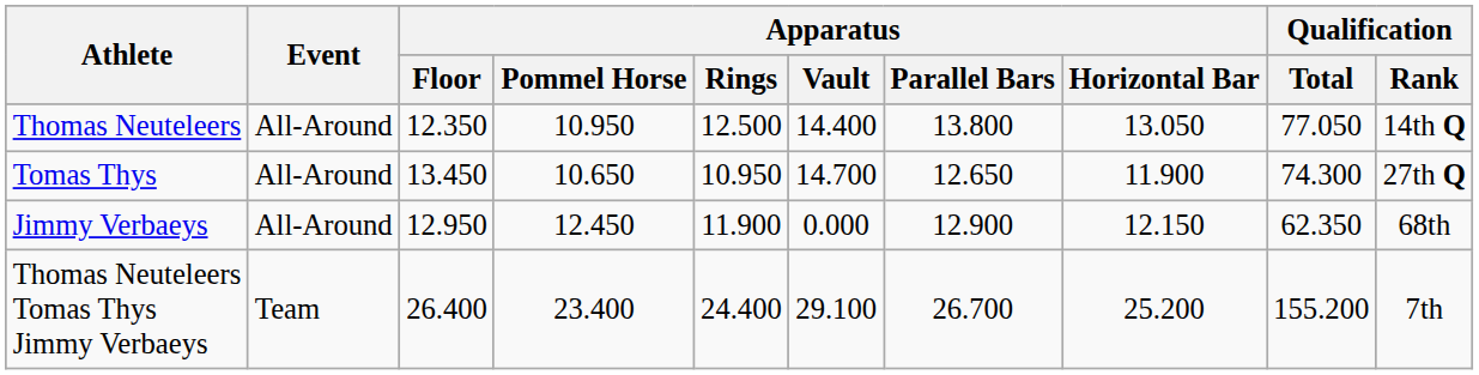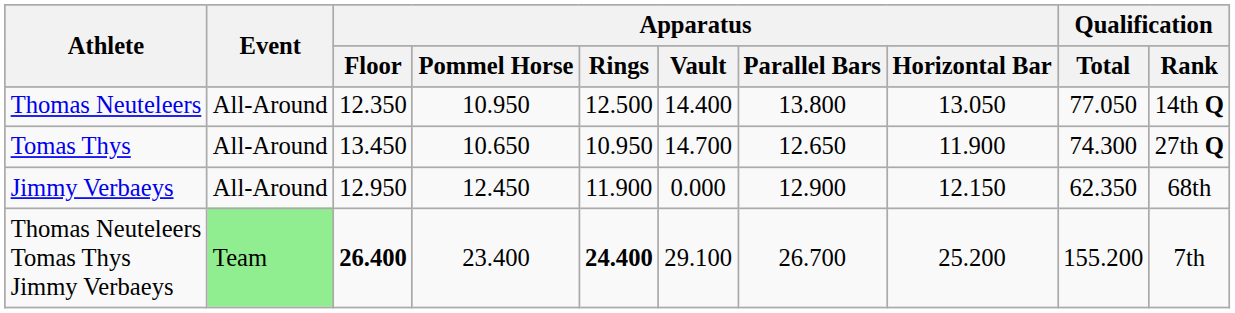 <table class="wikitable" style="font-size:90%">
 <tr>
 <th rowspan="2">Athlete</th>
 <th rowspan="2">Event</th>
 <th colspan="6">Apparatus</th>
 <th colspan="2">Qualification</th>
 </tr>
 <tr>
 <th>Floor</th>
 <th>Pommel Horse</th>
 <th>Rings</th>
 <th>Vault</th>
 <th>Parallel Bars</th>
 <th>Horizontal Bar</th>
 <th>Total</th>
 <th>Rank</th>
 </tr>
 <tr>
 <td><a href='#'>Thomas Neuteleers</a></td>
 <td>All-Around</td>
 <td align=center>12.350</td>
 <td align=center>10.950</td>
 <td align=center>12.500</td>
 <td align=center>14.400</td>
 <td align=center>13.800</td>
 <td align=center>13.050</td>
 <td align=center>77.050</td>
 <td align=center>14th <strong>Q</strong></td>
 </tr>
 <tr>
 <td><a href='#'>Tomas Thys</a></td>
 <td>All-Around</td>
 <td align=center>13.450</td>
 <td align=center>10.650</td>
 <td align=center>10.950</td>
 <td align=center>14.700</td>
 <td align=center>12.650</td>
 <td align=center>11.900</td>
 <td align=center>74.300</td>
 <td align=center>27th <strong>Q</strong></td>
 </tr>
 <tr>
 <td><a href='#'>Jimmy Verbaeys</a></td>
 <td>All-Around</td>
 <td align=center>12.950</td>
 <td align=center>12.450</td>
 <td align=center>11.900</td>
 <td align=center>0.000</td>
 <td align=center>12.900</td>
 <td align=center>12.150</td>
 <td align=center>62.350</td>
 <td align=center>68th</td>
 </tr>
 <tr>
 <td>Thomas Neuteleers<br>Tomas Thys<br>Jimmy Verbaeys</td>
-<td>Team</td>
-<td align=center>26.400</td>
+<td style="background: lightgreen;">Team</td>
+<td align=center><strong>26.400</strong></td>
 <td align=center>23.400</td>
-<td align=center>24.400</td>
+<td align=center><strong>24.400</strong></td>
 <td align=center>29.100</td>
 <td align=center>26.700</td>
 <td align=center>25.200</td>
 <td align=center>155.200</td>
 <td align=center>7th</td>
 </tr>
 </table>
